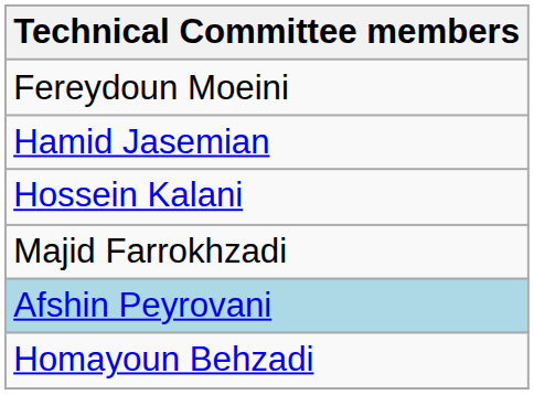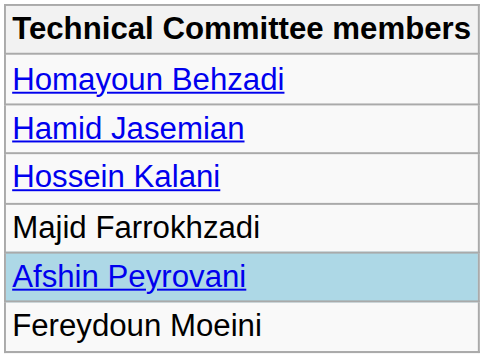 <table class="wikitable">
 <tr>
 <th>Technical Committee members</th>
 </tr>
 <tr>
-<td> Fereydoun Moeini</td>
+<td> <a href='#'>Homayoun Behzadi</a></td>
 </tr>
 <tr>
 <td> <a href='#'>Hamid Jasemian</a></td>
 </tr>
 <tr>
 <td> <a href='#'>Hossein Kalani</a></td>
 </tr>
 <tr>
 <td> Majid Farrokhzadi</td>
 </tr>
 <tr>
 <td style="background: lightblue;"> <a href='#'>Afshin Peyrovani</a></td>
 </tr>
 <tr>
-<td> <a href='#'>Homayoun Behzadi</a></td>
+<td> Fereydoun Moeini</td>
 </tr>
 <tr>
 </tr>
 </table>
